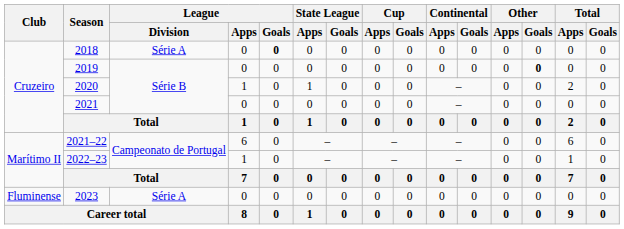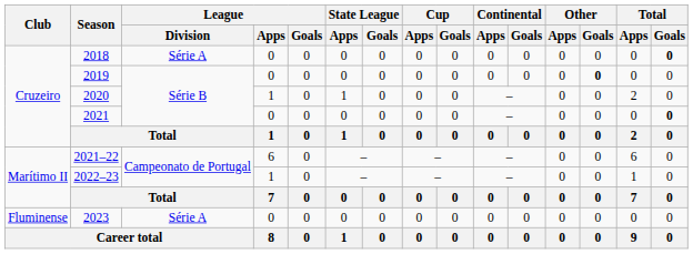 <table class=wikitable style=text-align:center>
 <tr>
 <th rowspan="2">Club</th>
 <th rowspan="2">Season</th>
 <th colspan="3">League</th>
 <th colspan="2">State League</th>
 <th colspan="2">Cup</th>
 <th colspan="2">Continental</th>
 <th colspan="2">Other</th>
 <th colspan="2">Total</th>
 </tr>
 <tr>
 <th>Division</th>
 <th>Apps</th>
 <th>Goals</th>
 <th>Apps</th>
 <th>Goals</th>
 <th>Apps</th>
 <th>Goals</th>
 <th>Apps</th>
 <th>Goals</th>
 <th>Apps</th>
 <th>Goals</th>
 <th>Apps</th>
 <th>Goals</th>
 </tr>
 <tr>
 <td rowspan="5"><a href='#'>Cruzeiro</a></td>
 <td><a href='#'>2018</a></td>
 <td><a href='#'>Série A</a></td>
 <td>0</td>
-<td><strong>0</strong></td>
 <td>0</td>
 <td>0</td>
 <td>0</td>
 <td>0</td>
 <td>0</td>
 <td>0</td>
 <td>0</td>
 <td>0</td>
 <td>0</td>
 <td>0</td>
+<td><strong>0</strong></td>
 </tr>
 <tr>
 <td><a href='#'>2019</a></td>
 <td rowspan="3"><a href='#'>Série B</a></td>
 <td>0</td>
 <td>0</td>
 <td>0</td>
 <td>0</td>
 <td>0</td>
 <td>0</td>
 <td>0</td>
 <td>0</td>
 <td>0</td>
 <td><strong>0</strong></td>
 <td>0</td>
 <td>0</td>
 </tr>
 <tr>
 <td><a href='#'>2020</a></td>
 <td>1</td>
 <td>0</td>
 <td>1</td>
 <td>0</td>
 <td>0</td>
 <td>0</td>
 <td colspan="2">–</td>
 <td>0</td>
 <td>0</td>
 <td>2</td>
 <td>0</td>
 </tr>
 <tr>
 <td><a href='#'>2021</a></td>
 <td>0</td>
 <td>0</td>
 <td>0</td>
 <td>0</td>
 <td>0</td>
 <td>0</td>
 <td colspan="2">–</td>
 <td>0</td>
 <td>0</td>
 <td>0</td>
-<td>0</td>
+<td><strong>0</strong></td>
 </tr>
 <tr>
 <th colspan="2"><strong>Total</strong></th>
 <th>1</th>
 <th>0</th>
 <th>1</th>
 <th>0</th>
 <th>0</th>
 <th>0</th>
 <th>0</th>
 <th>0</th>
 <th>0</th>
 <th>0</th>
 <th>2</th>
 <th>0</th>
 </tr>
 <tr>
 <td rowspan="3"><a href='#'>Marítimo II</a></td>
 <td><a href='#'>2021–22</a></td>
 <td rowspan="2"><a href='#'>Campeonato de Portugal</a></td>
 <td>6</td>
 <td>0</td>
 <td colspan="2">–</td>
 <td colspan="2">–</td>
 <td colspan="2">–</td>
 <td>0</td>
 <td>0</td>
 <td>6</td>
 <td>0</td>
 </tr>
 <tr>
 <td><a href='#'>2022–23</a></td>
 <td>1</td>
 <td>0</td>
 <td colspan="2">–</td>
 <td colspan="2">–</td>
 <td colspan="2">–</td>
 <td>0</td>
 <td>0</td>
 <td>1</td>
 <td>0</td>
 </tr>
 <tr>
 <th colspan="2"><strong>Total</strong></th>
 <th>7</th>
 <th>0</th>
 <th>0</th>
 <th>0</th>
 <th>0</th>
 <th>0</th>
 <th>0</th>
 <th>0</th>
 <th>0</th>
 <th>0</th>
 <th>7</th>
 <th>0</th>
 </tr>
 <tr>
 <td><a href='#'>Fluminense</a></td>
 <td><a href='#'>2023</a></td>
 <td><a href='#'>Série A</a></td>
 <td>0</td>
 <td>0</td>
 <td>0</td>
 <td>0</td>
 <td>0</td>
 <td>0</td>
 <td>0</td>
 <td>0</td>
 <td>0</td>
 <td>0</td>
 <td>0</td>
 <td>0</td>
 </tr>
 <tr>
 <th colspan="3"><strong>Career total</strong></th>
 <th>8</th>
 <th>0</th>
 <th>1</th>
 <th>0</th>
 <th>0</th>
 <th>0</th>
 <th>0</th>
 <th>0</th>
 <th>0</th>
 <th>0</th>
 <th>9</th>
 <th>0</th>
 </tr>
 </table>
